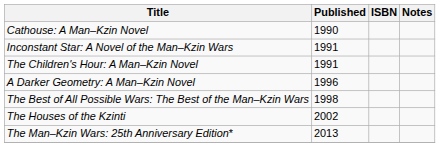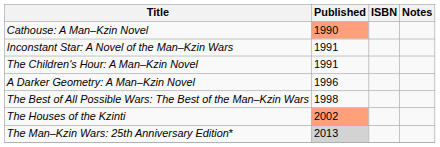 <table class="wikitable sortable">
 <tr>
 <th>Title</th>
 <th>Published</th>
 <th>ISBN</th>
 <th>Notes</th>
 </tr>
 <tr>
 <td><em>Cathouse: A Man–Kzin Novel</em></td>
-<td>1990</td>
+<td style="background: lightsalmon;">1990</td>
 <td></td>
 <td></td>
 </tr>
 <tr>
 <td><em>Inconstant Star: A Novel of the Man–Kzin Wars</em></td>
 <td>1991</td>
 <td></td>
 <td></td>
 </tr>
 <tr>
 <td><em>The Children's Hour: A Man–Kzin Novel</em></td>
 <td>1991</td>
 <td></td>
 <td></td>
 </tr>
 <tr>
 <td><em>A Darker Geometry: A Man–Kzin Novel</em></td>
 <td>1996</td>
 <td></td>
 <td></td>
 </tr>
 <tr>
 <td><em>The Best of All Possible Wars: The Best of the Man–Kzin Wars</em></td>
 <td>1998</td>
 <td></td>
 <td></td>
 </tr>
 <tr>
 <td><em>The Houses of the Kzinti</em></td>
-<td>2002</td>
+<td style="background: lightsalmon;">2002</td>
 <td></td>
 <td></td>
 </tr>
 <tr>
 <td><em>The Man–Kzin Wars: 25th Anniversary Edition</em>*</td>
-<td>2013</td>
+<td style="background: lightgrey;">2013</td>
 <td></td>
 <td></td>
 </tr>
 <tr>
 </tr>
 </table>
